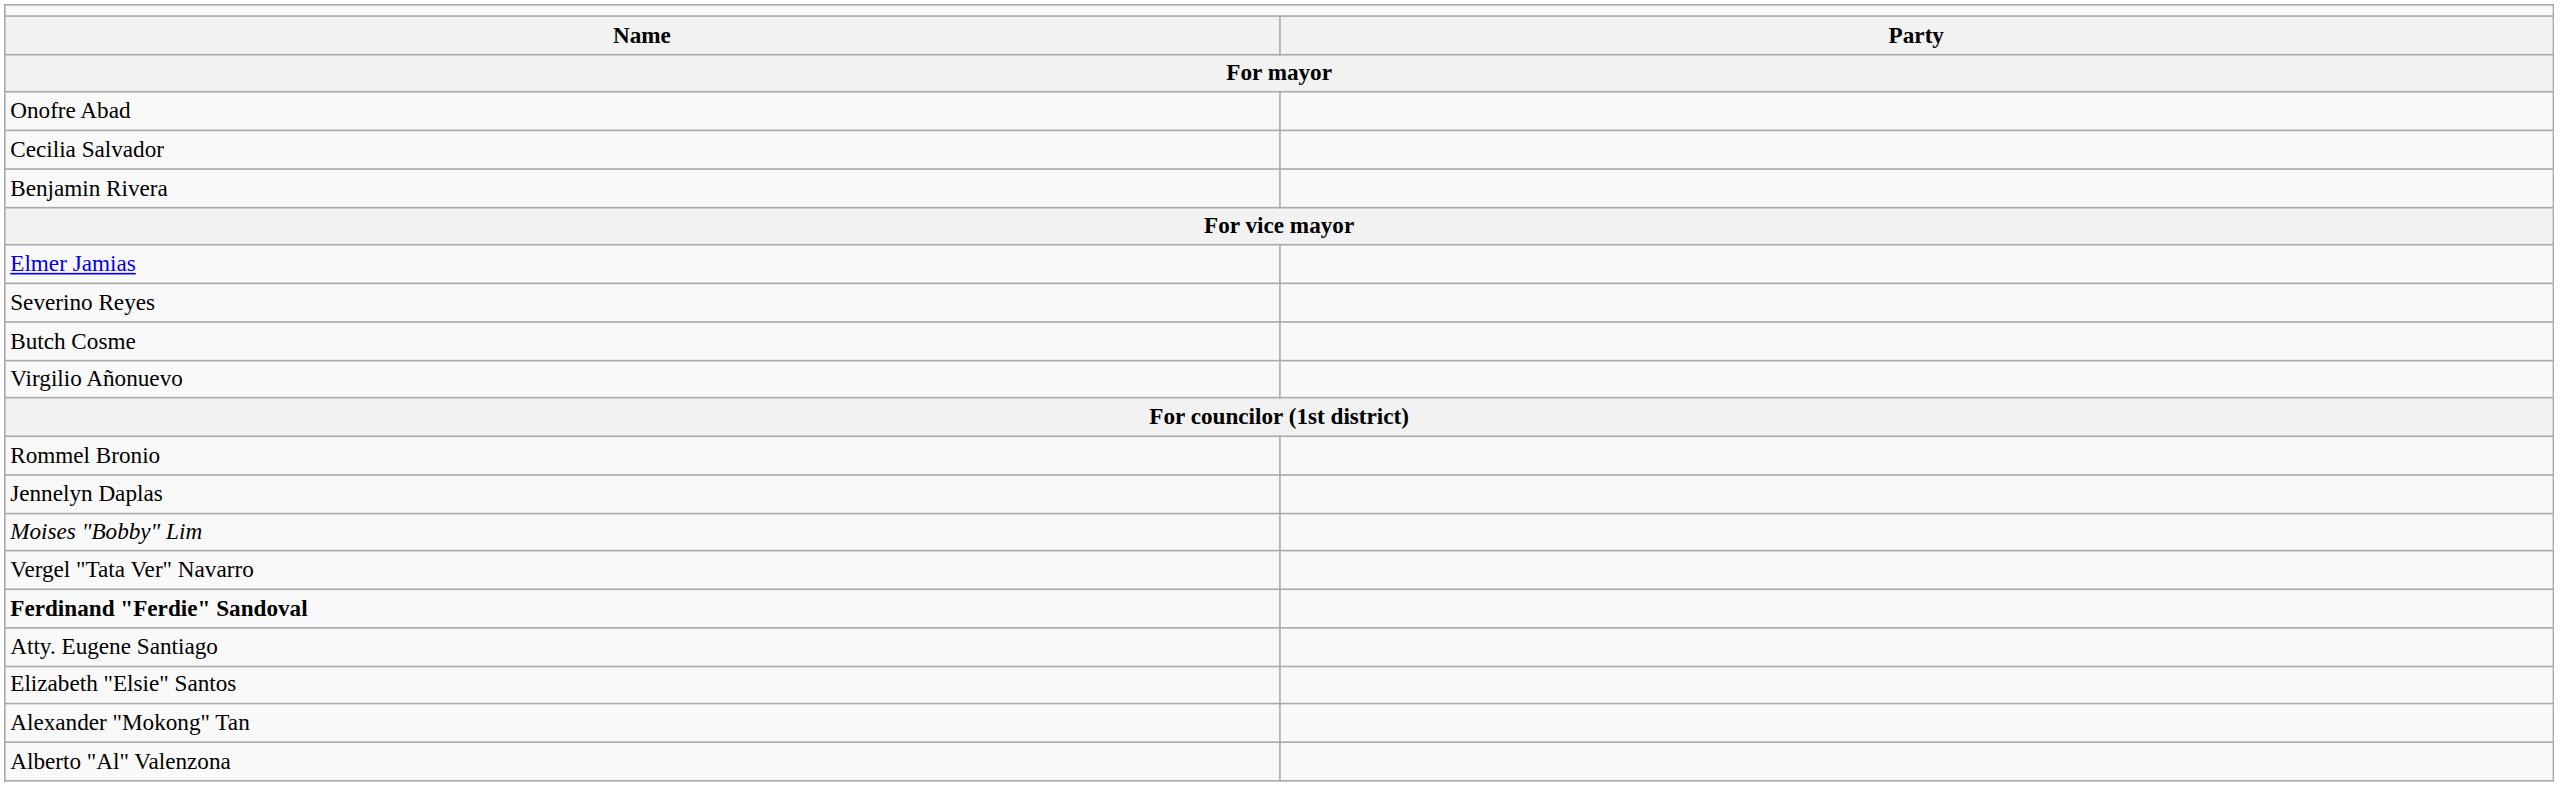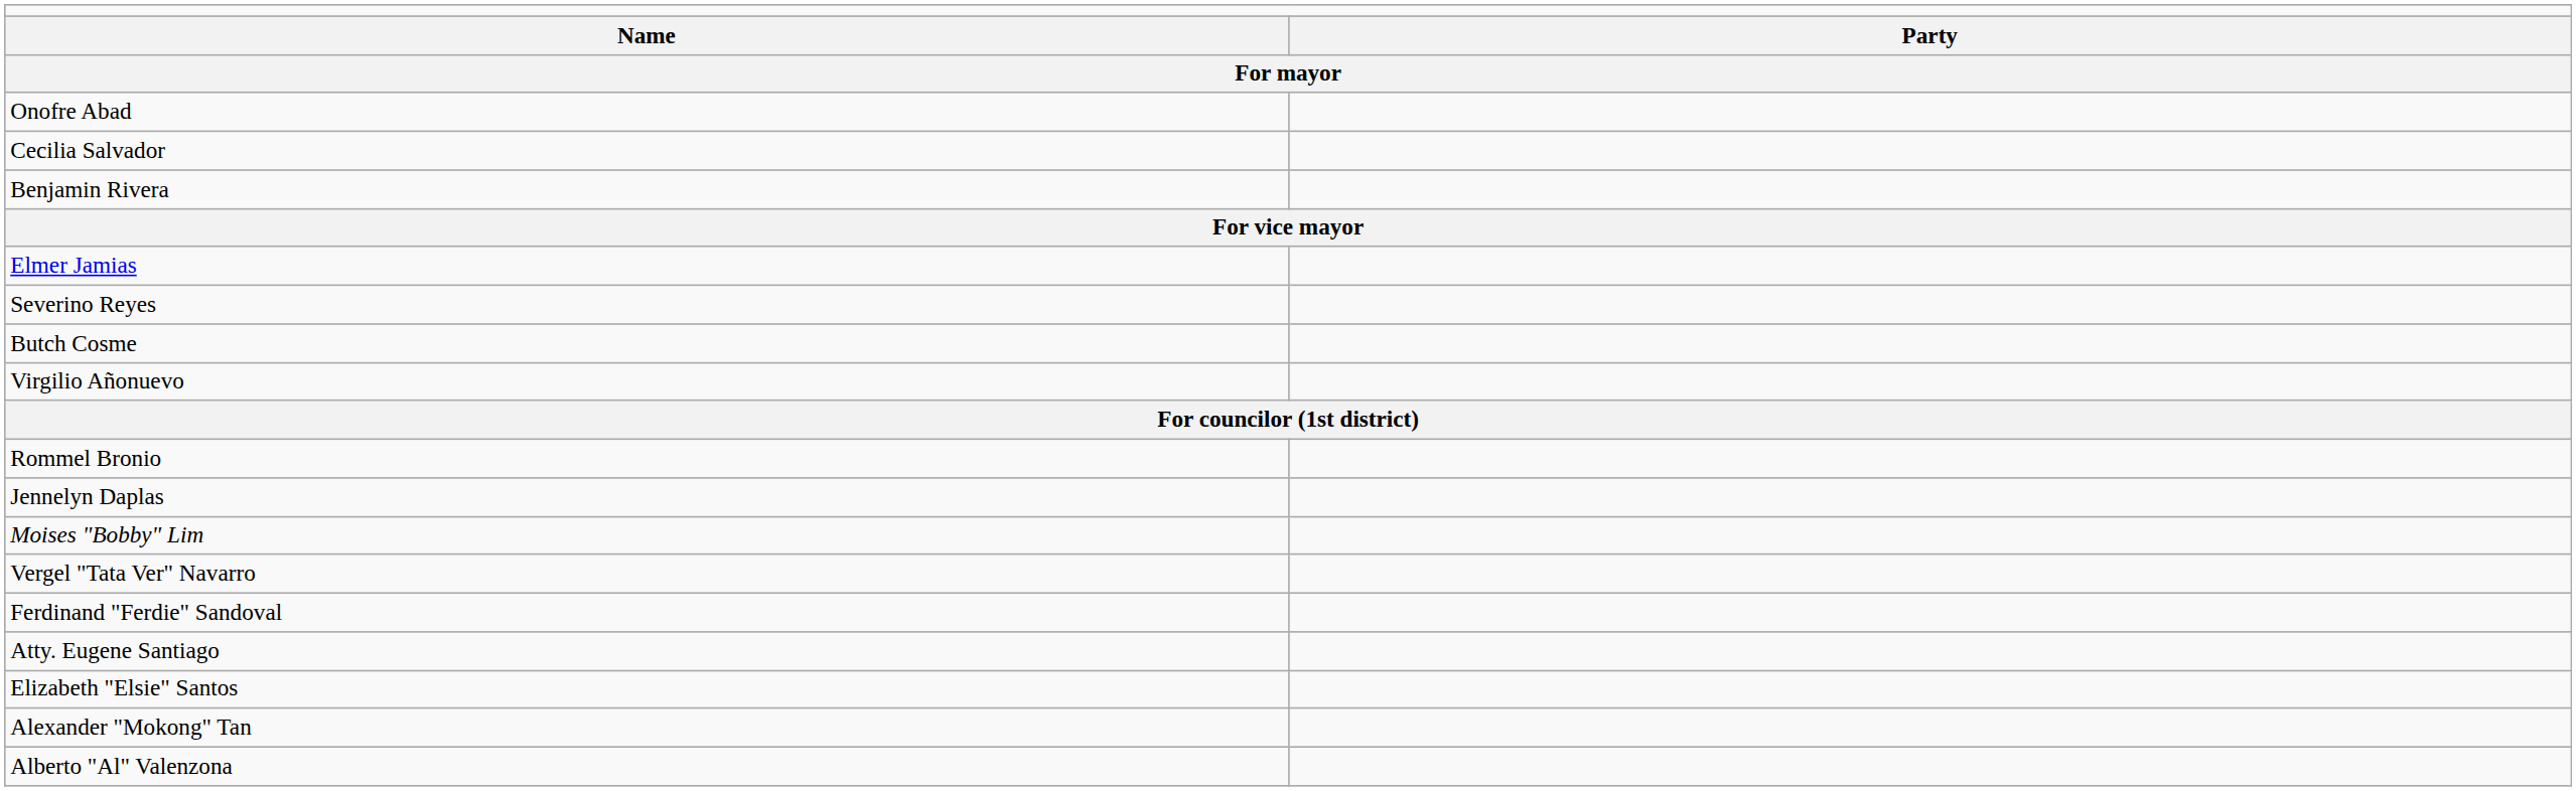 <table class=wikitable style="font-size:90%; width:100%">
 <tr>
 <td colspan=4 bgcolor=></td>
 </tr>
 <tr>
 <th width=50%>Name</th>
 <th colspan=2>Party</th>
 </tr>
 <tr>
 <th colspan=3>For mayor</th>
 </tr>
 <tr>
 <td>Onofre Abad</td>
 <td></td>
 </tr>
 <tr>
 <td>Cecilia Salvador</td>
 <td></td>
 </tr>
 <tr>
 <td>Benjamin Rivera</td>
 <td></td>
 </tr>
 <tr>
 <th colspan=3>For vice mayor</th>
 </tr>
 <tr>
 <td><a href='#'>Elmer Jamias</a></td>
 <td></td>
 </tr>
 <tr>
 <td>Severino Reyes</td>
 <td></td>
 </tr>
 <tr>
 <td>Butch Cosme</td>
 <td></td>
 </tr>
 <tr>
 <td>Virgilio Añonuevo</td>
 <td></td>
 </tr>
 <tr>
 <th colspan=3>For councilor (1st district)</th>
 </tr>
 <tr>
 <td>Rommel Bronio</td>
 <td></td>
 </tr>
 <tr>
 <td>Jennelyn Daplas</td>
 <td></td>
 </tr>
 <tr>
 <td><em>Moises "Bobby" Lim</em></td>
 <td></td>
 </tr>
 <tr>
 <td>Vergel "Tata Ver" Navarro</td>
 <td></td>
 </tr>
 <tr>
-<td><strong>Ferdinand "Ferdie" Sandoval</strong></td>
+<td>Ferdinand "Ferdie" Sandoval</td>
 <td></td>
 </tr>
 <tr>
 <td>Atty. Eugene Santiago</td>
 <td></td>
 </tr>
 <tr>
 <td>Elizabeth "Elsie" Santos</td>
 <td></td>
 </tr>
 <tr>
 <td>Alexander "Mokong" Tan</td>
 <td></td>
 </tr>
 <tr>
 <td>Alberto "Al" Valenzona</td>
 <td></td>
 </tr>
 </table>
